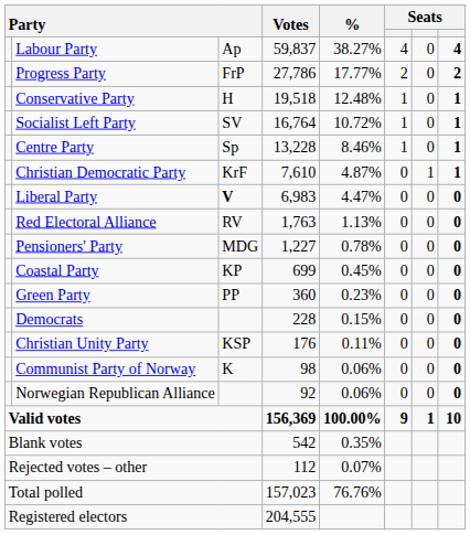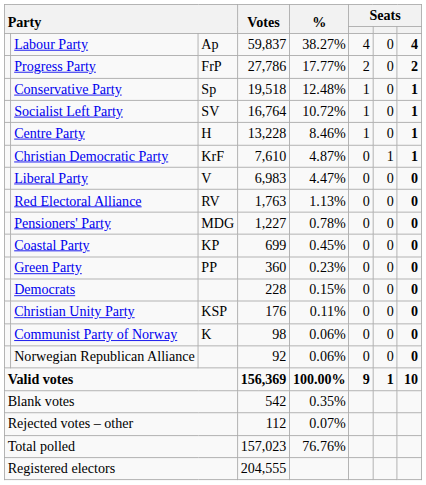 <table class="wikitable" border="1" style="text-align:right;">
 <tr>
 <th style="text-align:left;" valign=bottom rowspan=2 colspan=3>Party</th>
 <th align=center valign=bottom rowspan=2 width="50">Votes</th>
 <th align=center valign=bottom rowspan=2 width="50">%</th>
 <th colspan=3>Seats</th>
 </tr>
 <tr>
 <th align=center valign=bottom width="20"><small></small></th>
 <th align=center valign=bottom width="20"><small><a href='#'></a></small></th>
 <th align=center valign=bottom width="20"><small></small></th>
 </tr>
 <tr>
 <td style="color:inherit;background:"></td>
 <td align=left><a href='#'>Labour Party</a></td>
 <td align=left>Ap</td>
 <td>59,837</td>
 <td>38.27%</td>
 <td>4</td>
 <td>0</td>
 <td><strong>4</strong></td>
 </tr>
 <tr>
 <td style="color:inherit;background:"></td>
 <td align=left><a href='#'>Progress Party</a></td>
 <td align=left>FrP</td>
 <td>27,786</td>
 <td>17.77%</td>
 <td>2</td>
 <td>0</td>
 <td><strong>2</strong></td>
 </tr>
 <tr>
 <td style="color:inherit;background:"></td>
 <td align=left><a href='#'>Conservative Party</a></td>
-<td align=left>H</td>
+<td align=left>Sp</td>
 <td>19,518</td>
 <td>12.48%</td>
 <td>1</td>
 <td>0</td>
 <td><strong>1</strong></td>
 </tr>
 <tr>
 <td style="color:inherit;background:"></td>
 <td align=left><a href='#'>Socialist Left Party</a></td>
 <td align=left>SV</td>
 <td>16,764</td>
 <td>10.72%</td>
 <td>1</td>
 <td>0</td>
 <td><strong>1</strong></td>
 </tr>
 <tr>
 <td style="color:inherit;background:"></td>
 <td align=left><a href='#'>Centre Party</a></td>
-<td align=left>Sp</td>
+<td align=left>H</td>
 <td>13,228</td>
 <td>8.46%</td>
 <td>1</td>
 <td>0</td>
 <td><strong>1</strong></td>
 </tr>
 <tr>
 <td style="color:inherit;background:"></td>
 <td align=left><a href='#'>Christian Democratic Party</a></td>
 <td align=left>KrF</td>
 <td>7,610</td>
 <td>4.87%</td>
 <td>0</td>
 <td>1</td>
 <td><strong>1</strong></td>
 </tr>
 <tr>
 <td style="color:inherit;background:"></td>
 <td align=left><a href='#'>Liberal Party</a></td>
-<td align=left><strong>V</strong></td>
+<td align=left>V</td>
 <td>6,983</td>
 <td>4.47%</td>
 <td>0</td>
 <td>0</td>
 <td><strong>0</strong></td>
 </tr>
 <tr>
 <td style="color:inherit;background:"></td>
 <td align=left><a href='#'>Red Electoral Alliance</a></td>
 <td align=left>RV</td>
 <td>1,763</td>
 <td>1.13%</td>
 <td>0</td>
 <td>0</td>
 <td><strong>0</strong></td>
 </tr>
 <tr>
 <td style="color:inherit;background:"></td>
 <td align=left><a href='#'>Pensioners' Party</a></td>
 <td align=left>MDG</td>
 <td>1,227</td>
 <td>0.78%</td>
 <td>0</td>
 <td>0</td>
 <td><strong>0</strong></td>
 </tr>
 <tr>
 <td style="color:inherit;background:"></td>
 <td align=left><a href='#'>Coastal Party</a></td>
 <td align=left>KP</td>
 <td>699</td>
 <td>0.45%</td>
 <td>0</td>
 <td>0</td>
 <td><strong>0</strong></td>
 </tr>
 <tr>
 <td style="color:inherit;background:"></td>
 <td align=left><a href='#'>Green Party</a></td>
 <td align=left>PP</td>
 <td>360</td>
 <td>0.23%</td>
 <td>0</td>
 <td>0</td>
 <td><strong>0</strong></td>
 </tr>
 <tr>
 <td style="color:inherit;background:"></td>
 <td align=left><a href='#'>Democrats</a></td>
 <td align=left></td>
 <td>228</td>
 <td>0.15%</td>
 <td>0</td>
 <td>0</td>
 <td><strong>0</strong></td>
 </tr>
 <tr>
 <td style="color:inherit;background:"></td>
 <td align=left><a href='#'>Christian Unity Party</a></td>
 <td align=left>KSP</td>
 <td>176</td>
 <td>0.11%</td>
 <td>0</td>
 <td>0</td>
 <td><strong>0</strong></td>
 </tr>
 <tr>
 <td style="color:inherit;background:"></td>
 <td align=left><a href='#'>Communist Party of Norway</a></td>
 <td align=left>K</td>
 <td>98</td>
 <td>0.06%</td>
 <td>0</td>
 <td>0</td>
 <td><strong>0</strong></td>
 </tr>
 <tr>
 <td></td>
 <td align=left>Norwegian Republican Alliance</td>
 <td align=left></td>
 <td>92</td>
 <td>0.06%</td>
 <td>0</td>
 <td>0</td>
 <td><strong>0</strong></td>
 </tr>
 <tr style="font-weight:bold">
 <td align=left colspan=3>Valid votes</td>
 <td>156,369</td>
 <td>100.00%</td>
 <td>9</td>
 <td>1</td>
 <td>10</td>
 </tr>
 <tr>
 <td align=left colspan=3>Blank votes</td>
 <td>542</td>
 <td>0.35%</td>
 <td></td>
 <td></td>
 <td></td>
 </tr>
 <tr>
 <td align=left colspan=3>Rejected votes – other</td>
 <td>112</td>
 <td>0.07%</td>
 <td></td>
 <td></td>
 <td></td>
 </tr>
 <tr>
 <td align=left colspan=3>Total polled</td>
 <td>157,023</td>
 <td>76.76%</td>
 <td></td>
 <td></td>
 <td></td>
 </tr>
 <tr>
 <td align=left colspan=3>Registered electors</td>
 <td>204,555</td>
 <td></td>
 <td></td>
 <td></td>
 <td></td>
 </tr>
 </table>
